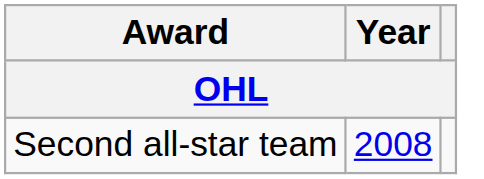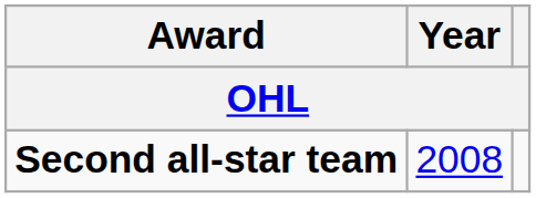 <table class="wikitable">
 <tr>
 <th>Award</th>
 <th>Year</th>
 <th></th>
 </tr>
 <tr ALIGN="center" bgcolor="#e0e0e0">
 <th colspan="3"><a href='#'>OHL</a></th>
 </tr>
 <tr>
-<td>Second all-star team</td>
+<td><strong>Second all-star team</strong></td>
 <td><a href='#'>2008</a></td>
 <td></td>
 </tr>
 </table>
